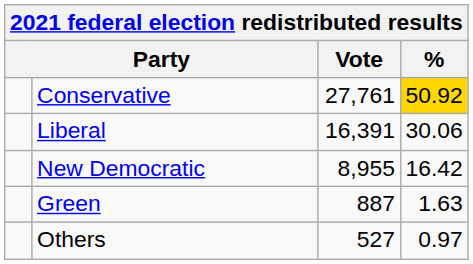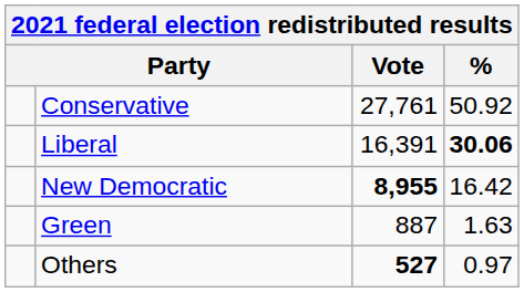 <table class="wikitable">
 <tr>
 <th colspan="4"><a href='#'>2021 federal election</a> redistributed results</th>
 </tr>
 <tr>
 <th bgcolor="#DDDDFF" width="130px" colspan="2">Party</th>
 <th bgcolor="#DDDDFF" width="50px">Vote</th>
 <th bgcolor="#DDDDFF" width="30px">%</th>
 </tr>
 <tr>
 <td> </td>
 <td><a href='#'>Conservative</a></td>
 <td align=right>27,761</td>
-<td align=right style="background: gold;">50.92</td>
+<td align=right>50.92</td>
 </tr>
 <tr>
 <td> </td>
 <td><a href='#'>Liberal</a></td>
 <td align=right>16,391</td>
-<td align=right>30.06</td>
+<td align=right><strong>30.06</strong></td>
 </tr>
 <tr>
 <td> </td>
 <td><a href='#'>New Democratic</a></td>
-<td align=right>8,955</td>
+<td align=right><strong>8,955</strong></td>
 <td align=right>16.42</td>
 </tr>
 <tr>
 <td> </td>
 <td><a href='#'>Green</a></td>
 <td align=right>887</td>
 <td align=right>1.63</td>
 </tr>
 <tr>
 <td> </td>
 <td>Others</td>
-<td align=right>527</td>
+<td align=right><strong>527</strong></td>
 <td align=right>0.97</td>
 </tr>
 </table>
